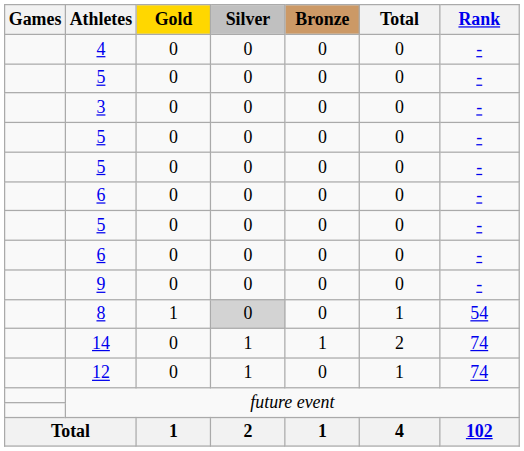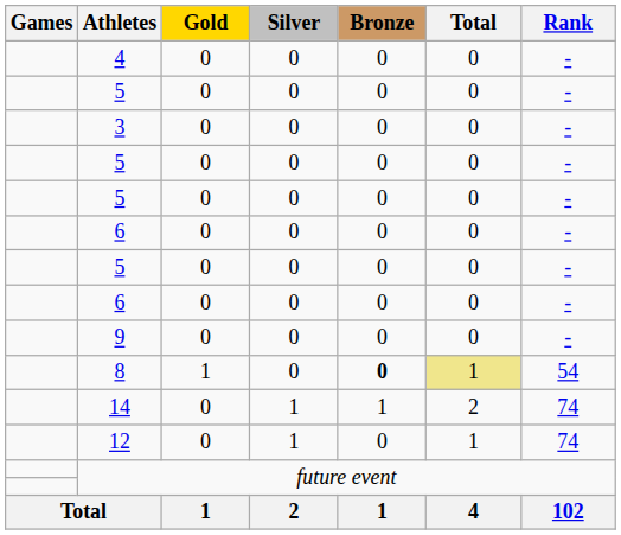 <table class="wikitable" style="text-align:center; font-size:90%;">
 <tr>
 <th>Games</th>
 <th>Athletes</th>
 <td style="background:gold; width:3.7em; font-weight:bold;">Gold</td>
 <td style="background:silver; width:3.7em; font-weight:bold;">Silver</td>
 <td style="background:#cc9966; width:3.7em; font-weight:bold;">Bronze</td>
 <th style="width:4em; font-weight:bold;">Total</th>
 <th style="width:4em; font-weight:bold;"><a href='#'>Rank</a></th>
 </tr>
 <tr>
 <td align=left></td>
 <td><a href='#'>4</a></td>
 <td>0</td>
 <td>0</td>
 <td>0</td>
 <td>0</td>
 <td><a href='#'>-</a></td>
 </tr>
 <tr>
 <td align=left></td>
 <td><a href='#'>5</a></td>
 <td>0</td>
 <td>0</td>
 <td>0</td>
 <td>0</td>
 <td><a href='#'>-</a></td>
 </tr>
 <tr>
 <td align=left></td>
 <td><a href='#'>3</a></td>
 <td>0</td>
 <td>0</td>
 <td>0</td>
 <td>0</td>
 <td><a href='#'>-</a></td>
 </tr>
 <tr>
 <td align=left></td>
 <td><a href='#'>5</a></td>
 <td>0</td>
 <td>0</td>
 <td>0</td>
 <td>0</td>
 <td><a href='#'>-</a></td>
 </tr>
 <tr>
 <td align=left></td>
 <td><a href='#'>5</a></td>
 <td>0</td>
 <td>0</td>
 <td>0</td>
 <td>0</td>
 <td><a href='#'>-</a></td>
 </tr>
 <tr>
 <td align=left></td>
 <td><a href='#'>6</a></td>
 <td>0</td>
 <td>0</td>
 <td>0</td>
 <td>0</td>
 <td><a href='#'>-</a></td>
 </tr>
 <tr>
 <td align=left></td>
 <td><a href='#'>5</a></td>
 <td>0</td>
 <td>0</td>
 <td>0</td>
 <td>0</td>
 <td><a href='#'>-</a></td>
 </tr>
 <tr>
 <td align=left></td>
 <td><a href='#'>6</a></td>
 <td>0</td>
 <td>0</td>
 <td>0</td>
 <td>0</td>
 <td><a href='#'>-</a></td>
 </tr>
 <tr>
 <td align=left></td>
 <td><a href='#'>9</a></td>
 <td>0</td>
 <td>0</td>
 <td>0</td>
 <td>0</td>
 <td><a href='#'>-</a></td>
 </tr>
 <tr>
 <td align=left></td>
 <td><a href='#'>8</a></td>
 <td>1</td>
-<td style="background: lightgrey;">0</td>
 <td>0</td>
-<td>1</td>
+<td><strong>0</strong></td>
+<td style="background: khaki;">1</td>
 <td><a href='#'>54</a></td>
 </tr>
 <tr>
 <td align=left></td>
 <td><a href='#'>14</a></td>
 <td>0</td>
 <td>1</td>
 <td>1</td>
 <td>2</td>
 <td><a href='#'>74</a></td>
 </tr>
 <tr>
 <td align=left></td>
 <td><a href='#'>12</a></td>
 <td>0</td>
 <td>1</td>
 <td>0</td>
 <td>1</td>
 <td><a href='#'>74</a></td>
 </tr>
 <tr>
 <td align=left></td>
 <td colspan=6; rowspan=2><em>future event</em></td>
 </tr>
 <tr>
 <td align=left></td>
 </tr>
 <tr>
 <th colspan=2>Total</th>
 <th>1</th>
 <th>2</th>
 <th>1</th>
 <th>4</th>
 <th><a href='#'>102</a></th>
 </tr>
 </table>
